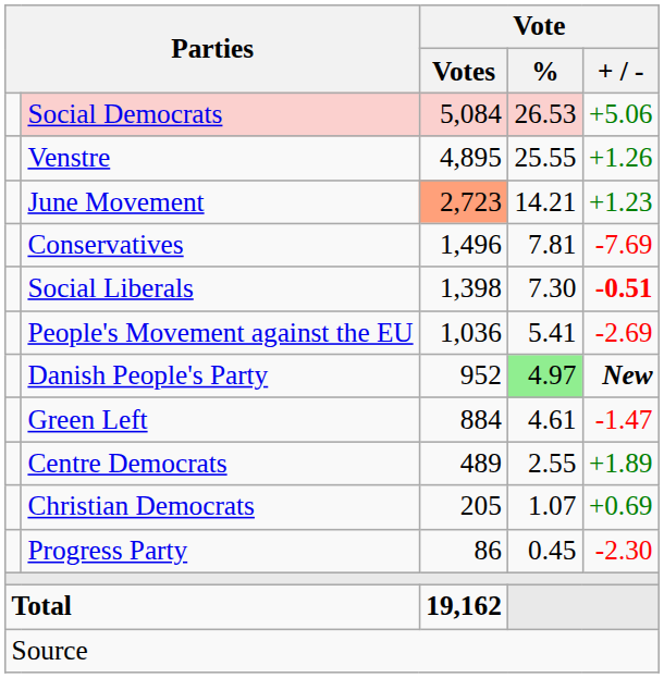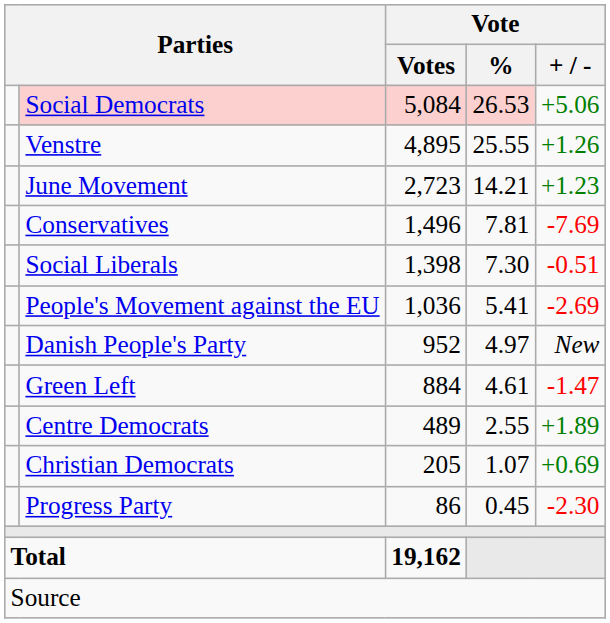 <table class="wikitable" style="text-align:right;">
 <tr>
 <th style="text-align:centre;" rowspan="2" colspan="2" width="225">Parties</th>
 <th colspan="3">Vote</th>
 </tr>
 <tr>
 <th width="15">Votes</th>
 <th width="15">%</th>
 <th width="15">+ / -</th>
 </tr>
 <tr>
 <td width="2" style="color:inherit;background:"></td>
 <td bgcolor=#fbd0ce   align="left"><a href='#'>Social Democrats</a></td>
 <td bgcolor=#fbd0ce>5,084</td>
 <td bgcolor=#fbd0ce>26.53</td>
 <td style=color:green;>+5.06</td>
 </tr>
 <tr>
 <td width="2" style="color:inherit;background:"></td>
 <td align="left"><a href='#'>Venstre</a></td>
 <td>4,895</td>
 <td>25.55</td>
 <td style=color:green;>+1.26</td>
 </tr>
 <tr>
 <td width="2" style="color:inherit;background:"></td>
 <td align="left"><a href='#'>June Movement</a></td>
-<td style="background: lightsalmon;">2,723</td>
+<td>2,723</td>
 <td>14.21</td>
 <td style=color:green;>+1.23</td>
 </tr>
 <tr>
 <td width="2" style="color:inherit;background:"></td>
 <td align="left"><a href='#'>Conservatives</a></td>
 <td>1,496</td>
 <td>7.81</td>
 <td style=color:red;>-7.69</td>
 </tr>
 <tr>
 <td width="2" style="color:inherit;background:"></td>
 <td align="left"><a href='#'>Social Liberals</a></td>
 <td>1,398</td>
 <td>7.30</td>
-<td style=color:red;><strong>-0.51</strong></td>
+<td style=color:red;>-0.51</td>
 </tr>
 <tr>
 <td width="2" style="color:inherit;background:"></td>
 <td align="left"><a href='#'>People's Movement against the EU</a></td>
 <td>1,036</td>
 <td>5.41</td>
 <td style=color:red;>-2.69</td>
 </tr>
 <tr>
 <td width="2" style="color:inherit;background:"></td>
 <td align="left"><a href='#'>Danish People's Party</a></td>
 <td>952</td>
-<td style="background: lightgreen;">4.97</td>
-<td><strong><em>New</em></strong></td>
+<td>4.97</td>
+<td><em>New</em></td>
 </tr>
 <tr>
 <td width="2" style="color:inherit;background:"></td>
 <td align="left"><a href='#'>Green Left</a></td>
 <td>884</td>
 <td>4.61</td>
 <td style=color:red;>-1.47</td>
 </tr>
 <tr>
 <td width="2" style="color:inherit;background:"></td>
 <td align="left"><a href='#'>Centre Democrats</a></td>
 <td>489</td>
 <td>2.55</td>
 <td style=color:green;>+1.89</td>
 </tr>
 <tr>
 <td width="2" style="color:inherit;background:"></td>
 <td align="left"><a href='#'>Christian Democrats</a></td>
 <td>205</td>
 <td>1.07</td>
 <td style=color:green;>+0.69</td>
 </tr>
 <tr>
 <td width="2" style="color:inherit;background:"></td>
 <td align="left"><a href='#'>Progress Party</a></td>
 <td>86</td>
 <td>0.45</td>
 <td style=color:red;>-2.30</td>
 </tr>
 <tr>
 <td colspan="7" bgcolor="#E9E9E9"></td>
 </tr>
 <tr>
 <td align="left" colspan="2"><strong>Total</strong></td>
 <td><strong>19,162</strong></td>
 <td bgcolor="#E9E9E9" colspan="2"></td>
 </tr>
 <tr>
 <td align="left" colspan="6">Source</td>
 </tr>
 </table>
